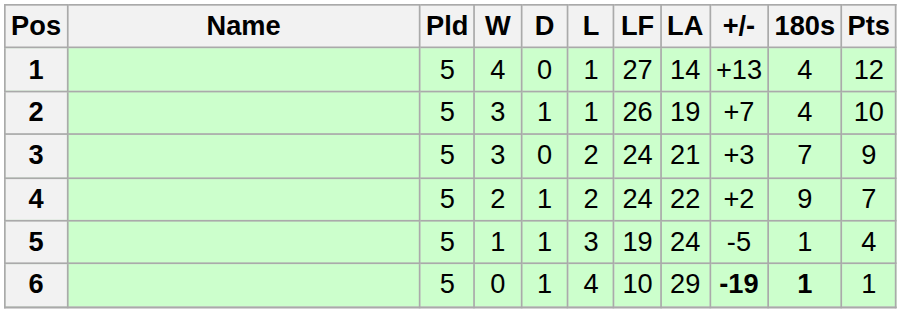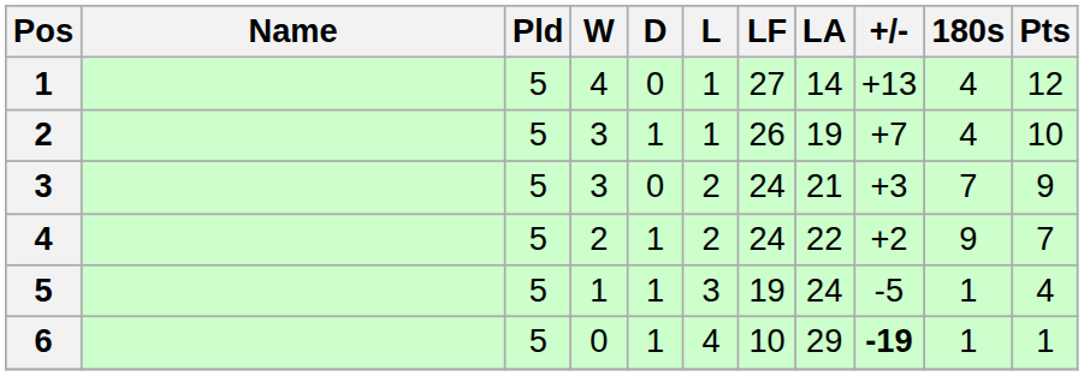 <table class="wikitable sortable" style="text-align:center;">
 <tr>
 <th style="width:20px;" abbr="Position">Pos</th>
 <th width=200>Name</th>
 <th style="width:20px;" abbr="Played">Pld</th>
 <th style="width:20px;" abbr="Won">W</th>
 <th style="width:20px;" abbr="Drawn">D</th>
 <th style="width:20px;" abbr="Lost">L</th>
 <th style="width:20px;" abbr="Legs For">LF</th>
 <th style="width:20px;" abbr="Legs Against">LA</th>
 <th style="width:20px;" abbr="Leg Difference">+/-</th>
 <th style="width:20px;" abbr="Maximums">180s</th>
 <th style="width:20px;" abbr="Points">Pts</th>
 </tr>
 <tr bgcolor=#ccffcc>
 <th>1</th>
 <td align=left> </td>
 <td>5</td>
 <td>4</td>
 <td>0</td>
 <td>1</td>
 <td>27</td>
 <td>14</td>
 <td>+13</td>
 <td>4</td>
 <td>12</td>
 </tr>
 <tr bgcolor=#ccffcc>
 <th>2</th>
 <td align=left> </td>
 <td>5</td>
 <td>3</td>
 <td>1</td>
 <td>1</td>
 <td>26</td>
 <td>19</td>
 <td>+7</td>
 <td>4</td>
 <td>10</td>
 </tr>
 <tr bgcolor=#ccffcc>
 <th>3</th>
 <td align=left> </td>
 <td>5</td>
 <td>3</td>
 <td>0</td>
 <td>2</td>
 <td>24</td>
 <td>21</td>
 <td>+3</td>
 <td>7</td>
 <td>9</td>
 </tr>
 <tr bgcolor=#ccffcc>
 <th>4</th>
 <td align=left> </td>
 <td>5</td>
 <td>2</td>
 <td>1</td>
 <td>2</td>
 <td>24</td>
 <td>22</td>
 <td>+2</td>
 <td>9</td>
 <td>7</td>
 </tr>
 <tr bgcolor=#ccffcc>
 <th>5</th>
 <td align=left> </td>
 <td>5</td>
 <td>1</td>
 <td>1</td>
 <td>3</td>
 <td>19</td>
 <td>24</td>
 <td>-5</td>
 <td>1</td>
 <td>4</td>
 </tr>
 <tr bgcolor=#ccffcc>
 <th>6</th>
 <td align=left> </td>
 <td>5</td>
 <td>0</td>
 <td>1</td>
 <td>4</td>
 <td>10</td>
 <td>29</td>
 <td><strong>-19</strong></td>
-<td><strong>1</strong></td>
+<td>1</td>
 <td>1</td>
 </tr>
 <tr>
 </tr>
 </table>
